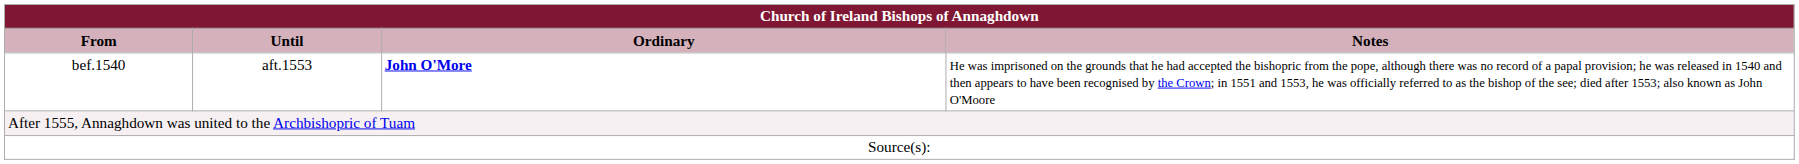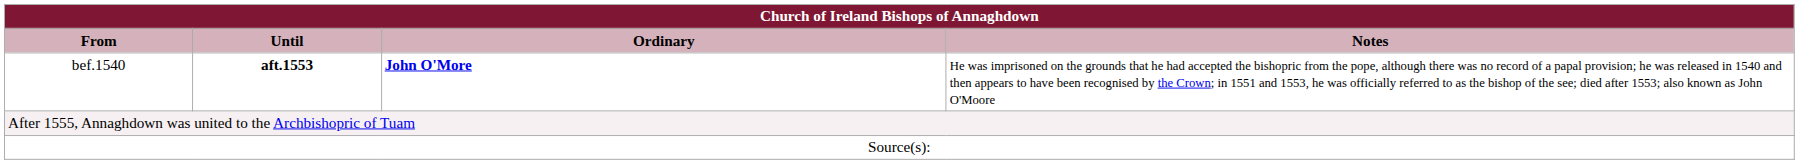 <table class="wikitable" style="width:95%;" border="1" cellpadding="2">
 <tr>
 <th colspan="4" style="background-color: #7F1734; color: white;">Church of Ireland Bishops of Annaghdown</th>
 </tr>
 <tr align=top>
 <th style="background-color: #D4B1BB; width: 10%;">From</th>
 <th style="background-color: #D4B1BB; width: 10%;">Until</th>
 <th style="background-color: #D4B1BB; width: 30%;">Ordinary</th>
 <th style="background-color: #D4B1BB; width: 45%;">Notes</th>
 </tr>
 <tr valign=top bgcolor="white">
 <td align=center>bef.1540</td>
-<td align=center>aft.1553</td>
+<td align=center><strong>aft.1553</strong></td>
 <td><strong><a href='#'>John O'More</a></strong></td>
 <td><small>He was imprisoned on the grounds that he had accepted the bishopric from the pope, although there was no record of a papal provision; he was released in 1540 and then appears to have been recognised by <a href='#'>the Crown</a>; in 1551 and 1553, he was officially referred to as the bishop of the see; died after 1553; also known as John O'Moore</small></td>
 </tr>
 <tr valign=top bgcolor="#F7F0F2">
 <td colspan="4">After 1555, Annaghdown was united to the <a href='#'>Archbishopric of Tuam</a></td>
 </tr>
 <tr valign=top bgcolor="white">
 <td colspan="4" style="text-align: center;">Source(s):</td>
 </tr>
 </table>
